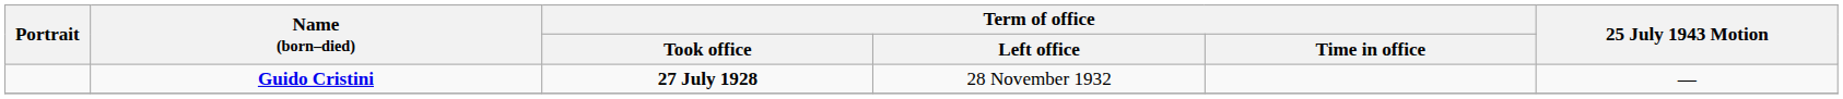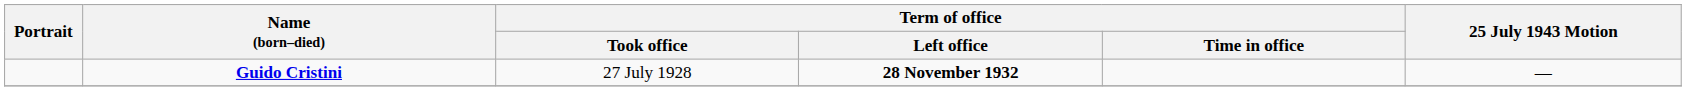 <table class="wikitable" style="text-align:center;" style="width=90%">
 <tr>
 <th width=1% rowspan=2>Portrait</th>
 <th width=15% rowspan=2>Name<br><small>(born–died)</small></th>
 <th width=30% colspan=3>Term of office</th>
 <th width=10% rowspan=2>25 July 1943 Motion</th>
 </tr>
 <tr style="text-align:center;">
 <th width=11%>Took office</th>
 <th width=11%>Left office</th>
 <th width=11%>Time in office</th>
 </tr>
 <tr>
 <td></td>
 <td><strong><a href='#'>Guido Cristini</a></strong><br></td>
-<td><strong>27 July 1928</strong></td>
-<td>28 November 1932</td>
+<td>27 July 1928</td>
+<td><strong>28 November 1932</strong></td>
 <td></td>
 <td align=center>—</td>
 </tr>
 <tr>
 </tr>
 </table>
